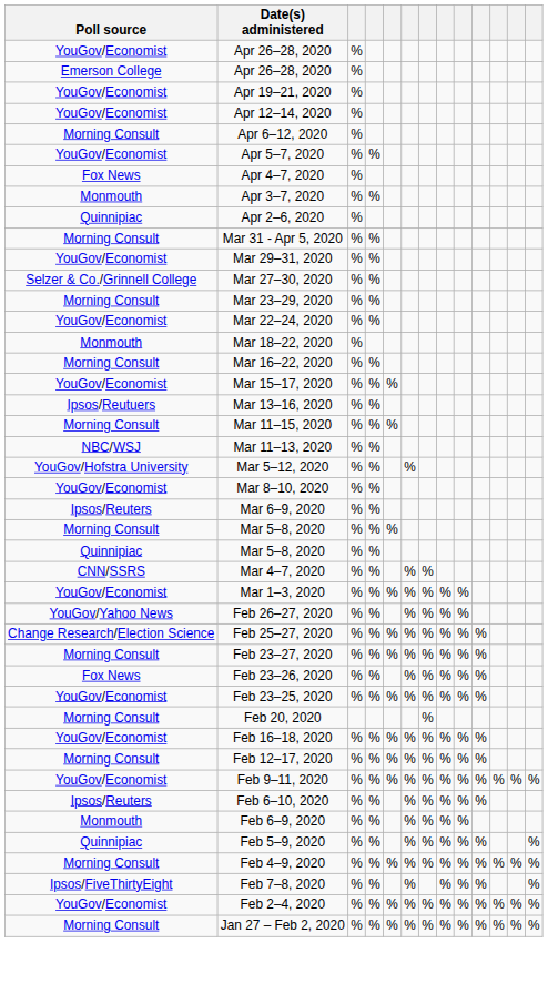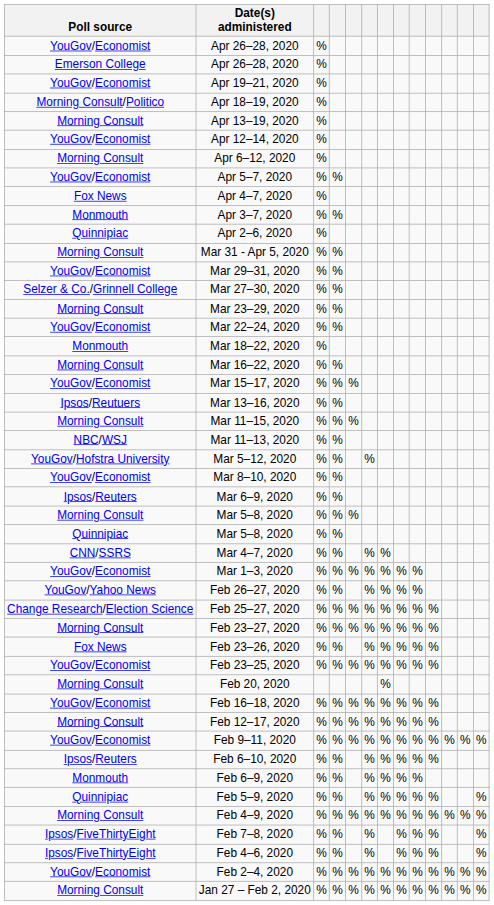 <table class="wikitable sortable" style="text-align:center;">
 <tr valign=bottom>
 <th style="background-position: right 85%;">Poll source</th>
 <th style="background-position: right 85%;">Date(s)<br>administered</th>
 <th></th>
 <th></th>
 <th></th>
 <th></th>
 <th></th>
 <th></th>
 <th></th>
 <th></th>
 <th></th>
 <th></th>
 <th></th>
 </tr>
 <tr>
 <td><a href='#'>YouGov</a>/<a href='#'>Economist</a></td>
 <td>Apr 26–28, 2020</td>
 <td>%</td>
 <td></td>
 <td></td>
 <td></td>
 <td></td>
 <td></td>
 <td></td>
 <td></td>
 <td></td>
 <td></td>
 <td></td>
 </tr>
 <tr>
 <td><a href='#'>Emerson College</a></td>
 <td>Apr 26–28, 2020</td>
 <td>%</td>
 <td></td>
 <td></td>
 <td></td>
 <td></td>
 <td></td>
 <td></td>
 <td></td>
 <td></td>
 <td></td>
 <td></td>
 </tr>
 <tr>
 <td><a href='#'>YouGov</a>/<a href='#'>Economist</a></td>
 <td>Apr 19–21, 2020</td>
+<td>%</td>
+<td></td>
+<td></td>
+<td></td>
+<td></td>
+<td></td>
+<td></td>
+<td></td>
+<td></td>
+<td></td>
+<td></td>
+</tr>
+<tr>
+<td><a href='#'>Morning Consult</a>/<a href='#'>Politico</a></td>
+<td>Apr 18–19, 2020</td>
+<td>%</td>
+<td></td>
+<td></td>
+<td></td>
+<td></td>
+<td></td>
+<td></td>
+<td></td>
+<td></td>
+<td></td>
+<td></td>
+</tr>
+<tr>
+<td><a href='#'>Morning Consult</a></td>
+<td>Apr 13–19, 2020</td>
 <td>%</td>
 <td></td>
 <td></td>
 <td></td>
 <td></td>
 <td></td>
 <td></td>
 <td></td>
 <td></td>
 <td></td>
 <td></td>
 </tr>
 <tr>
 <td><a href='#'>YouGov</a>/<a href='#'>Economist</a></td>
 <td>Apr 12–14, 2020</td>
 <td>%</td>
 <td></td>
 <td></td>
 <td></td>
 <td></td>
 <td></td>
 <td></td>
 <td></td>
 <td></td>
 <td></td>
 <td></td>
 </tr>
 <tr>
 <td><a href='#'>Morning Consult</a></td>
 <td>Apr 6–12, 2020</td>
 <td>%</td>
 <td></td>
 <td></td>
 <td></td>
 <td></td>
 <td></td>
 <td></td>
 <td></td>
 <td></td>
 <td></td>
 <td></td>
 </tr>
 <tr>
 <td><a href='#'>YouGov</a>/<a href='#'>Economist</a></td>
 <td>Apr 5–7, 2020</td>
 <td>%</td>
 <td>%</td>
 <td></td>
 <td></td>
 <td></td>
 <td></td>
 <td></td>
 <td></td>
 <td></td>
 <td></td>
 <td></td>
 </tr>
 <tr>
 <td><a href='#'>Fox News</a></td>
 <td>Apr 4–7, 2020</td>
 <td>%</td>
 <td></td>
 <td></td>
 <td></td>
 <td></td>
 <td></td>
 <td></td>
 <td></td>
 <td></td>
 <td></td>
 <td></td>
 </tr>
 <tr>
 <td><a href='#'>Monmouth</a></td>
 <td>Apr 3–7, 2020</td>
 <td>%</td>
 <td>%</td>
 <td></td>
 <td></td>
 <td></td>
 <td></td>
 <td></td>
 <td></td>
 <td></td>
 <td></td>
 <td></td>
 </tr>
 <tr>
 <td><a href='#'>Quinnipiac</a></td>
 <td>Apr 2–6, 2020</td>
 <td>%</td>
 <td></td>
 <td></td>
 <td></td>
 <td></td>
 <td></td>
 <td></td>
 <td></td>
 <td></td>
 <td></td>
 <td></td>
 </tr>
 <tr>
 <td><a href='#'>Morning Consult</a></td>
 <td>Mar 31 - Apr 5, 2020</td>
 <td>%</td>
 <td>%</td>
 <td></td>
 <td></td>
 <td></td>
 <td></td>
 <td></td>
 <td></td>
 <td></td>
 <td></td>
 <td></td>
 </tr>
 <tr>
 <td><a href='#'>YouGov</a>/<a href='#'>Economist</a></td>
 <td>Mar 29–31, 2020</td>
 <td>%</td>
 <td>%</td>
 <td></td>
 <td></td>
 <td></td>
 <td></td>
 <td></td>
 <td></td>
 <td></td>
 <td></td>
 <td></td>
 </tr>
 <tr>
 <td><a href='#'>Selzer & Co.</a>/<a href='#'>Grinnell College</a></td>
 <td>Mar 27–30, 2020</td>
 <td>%</td>
 <td>%</td>
 <td></td>
 <td></td>
 <td></td>
 <td></td>
 <td></td>
 <td></td>
 <td></td>
 <td></td>
 <td></td>
 </tr>
 <tr>
 <td><a href='#'>Morning Consult</a></td>
 <td>Mar 23–29, 2020</td>
 <td>%</td>
 <td>%</td>
 <td></td>
 <td></td>
 <td></td>
 <td></td>
 <td></td>
 <td></td>
 <td></td>
 <td></td>
 <td></td>
 </tr>
 <tr>
 <td><a href='#'>YouGov</a>/<a href='#'>Economist</a></td>
 <td>Mar 22–24, 2020</td>
 <td>%</td>
 <td>%</td>
 <td></td>
 <td></td>
 <td></td>
 <td></td>
 <td></td>
 <td></td>
 <td></td>
 <td></td>
 <td></td>
 </tr>
 <tr>
 <td><a href='#'>Monmouth</a></td>
 <td>Mar 18–22, 2020</td>
 <td>%</td>
 <td></td>
 <td></td>
 <td></td>
 <td></td>
 <td></td>
 <td></td>
 <td></td>
 <td></td>
 <td></td>
 <td></td>
 </tr>
 <tr>
 <td><a href='#'>Morning Consult</a></td>
 <td>Mar 16–22, 2020</td>
 <td>%</td>
 <td>%</td>
 <td></td>
 <td></td>
 <td></td>
 <td></td>
 <td></td>
 <td></td>
 <td></td>
 <td></td>
 <td></td>
 </tr>
 <tr>
 <td><a href='#'>YouGov</a>/<a href='#'>Economist</a></td>
 <td>Mar 15–17, 2020</td>
 <td>%</td>
 <td>%</td>
 <td>%</td>
 <td></td>
 <td></td>
 <td></td>
 <td></td>
 <td></td>
 <td></td>
 <td></td>
 <td></td>
 </tr>
 <tr>
 <td><a href='#'>Ipsos</a>/<a href='#'>Reutuers</a></td>
 <td>Mar 13–16, 2020</td>
 <td>%</td>
 <td>%</td>
 <td></td>
 <td></td>
 <td></td>
 <td></td>
 <td></td>
 <td></td>
 <td></td>
 <td></td>
 <td></td>
 </tr>
 <tr>
 <td><a href='#'>Morning Consult</a></td>
 <td>Mar 11–15, 2020</td>
 <td>%</td>
 <td>%</td>
 <td>%</td>
 <td></td>
 <td></td>
 <td></td>
 <td></td>
 <td></td>
 <td></td>
 <td></td>
 <td></td>
 </tr>
 <tr>
 <td><a href='#'>NBC</a>/<a href='#'>WSJ</a></td>
 <td>Mar 11–13, 2020</td>
 <td>%</td>
 <td>%</td>
 <td></td>
 <td></td>
 <td></td>
 <td></td>
 <td></td>
 <td></td>
 <td></td>
 <td></td>
 <td></td>
 </tr>
 <tr>
 <td><a href='#'>YouGov</a>/<a href='#'>Hofstra University</a></td>
 <td>Mar 5–12, 2020</td>
 <td>%</td>
 <td>%</td>
 <td></td>
 <td>%</td>
 <td></td>
 <td></td>
 <td></td>
 <td></td>
 <td></td>
 <td></td>
 <td></td>
 </tr>
 <tr>
 <td><a href='#'>YouGov</a>/<a href='#'>Economist</a></td>
 <td>Mar 8–10, 2020</td>
 <td>%</td>
 <td>%</td>
 <td></td>
 <td></td>
 <td></td>
 <td></td>
 <td></td>
 <td></td>
 <td></td>
 <td></td>
 <td></td>
 </tr>
 <tr>
 <td><a href='#'>Ipsos</a>/<a href='#'>Reuters</a></td>
 <td>Mar 6–9, 2020</td>
 <td>%</td>
 <td>%</td>
 <td></td>
 <td></td>
 <td></td>
 <td></td>
 <td></td>
 <td></td>
 <td></td>
 <td></td>
 <td></td>
 </tr>
 <tr>
 <td><a href='#'>Morning Consult</a></td>
 <td>Mar 5–8, 2020</td>
 <td>%</td>
 <td>%</td>
 <td>%</td>
 <td></td>
 <td></td>
 <td></td>
 <td></td>
 <td></td>
 <td></td>
 <td></td>
 <td></td>
 </tr>
 <tr>
 <td><a href='#'>Quinnipiac</a></td>
 <td>Mar 5–8, 2020</td>
 <td>%</td>
 <td>%</td>
 <td></td>
 <td></td>
 <td></td>
 <td></td>
 <td></td>
 <td></td>
 <td></td>
 <td></td>
 <td></td>
 </tr>
 <tr>
 <td><a href='#'>CNN</a>/<a href='#'>SSRS</a></td>
 <td>Mar 4–7, 2020</td>
 <td>%</td>
 <td>%</td>
 <td></td>
 <td>%</td>
 <td>%</td>
 <td></td>
 <td></td>
 <td></td>
 <td></td>
 <td></td>
 <td></td>
 </tr>
 <tr>
 <td><a href='#'>YouGov</a>/<a href='#'>Economist</a></td>
 <td>Mar 1–3, 2020</td>
 <td>%</td>
 <td>%</td>
 <td>%</td>
 <td>%</td>
 <td>%</td>
 <td>%</td>
 <td>%</td>
 <td></td>
 <td></td>
 <td></td>
 <td></td>
 </tr>
 <tr>
 <td><a href='#'>YouGov</a>/<a href='#'>Yahoo News</a></td>
 <td>Feb 26–27, 2020</td>
 <td>%</td>
 <td>%</td>
 <td></td>
 <td>%</td>
 <td>%</td>
 <td>%</td>
 <td>%</td>
 <td></td>
 <td></td>
 <td></td>
 <td></td>
 </tr>
 <tr>
 <td><a href='#'>Change Research</a>/<a href='#'>Election Science</a></td>
 <td>Feb 25–27, 2020</td>
 <td>%</td>
 <td>%</td>
 <td>%</td>
 <td>%</td>
 <td>%</td>
 <td>%</td>
 <td>%</td>
 <td>%</td>
 <td></td>
 <td></td>
 <td></td>
 </tr>
 <tr>
 <td><a href='#'>Morning Consult</a></td>
 <td>Feb 23–27, 2020</td>
 <td>%</td>
 <td>%</td>
 <td>%</td>
 <td>%</td>
 <td>%</td>
 <td>%</td>
 <td>%</td>
 <td>%</td>
 <td></td>
 <td></td>
 <td></td>
 </tr>
 <tr>
 <td><a href='#'>Fox News</a></td>
 <td>Feb 23–26, 2020</td>
 <td>%</td>
 <td>%</td>
 <td></td>
 <td>%</td>
 <td>%</td>
 <td>%</td>
 <td>%</td>
 <td>%</td>
 <td></td>
 <td></td>
 <td></td>
 </tr>
 <tr>
 <td><a href='#'>YouGov</a>/<a href='#'>Economist</a></td>
 <td>Feb 23–25, 2020</td>
 <td>%</td>
 <td>%</td>
 <td>%</td>
 <td>%</td>
 <td>%</td>
 <td>%</td>
 <td>%</td>
 <td>%</td>
 <td></td>
 <td></td>
 <td></td>
 </tr>
 <tr>
 <td><a href='#'>Morning Consult</a></td>
 <td>Feb 20, 2020</td>
 <td></td>
 <td></td>
 <td></td>
 <td></td>
 <td>%</td>
 <td></td>
 <td></td>
 <td></td>
 <td></td>
 <td></td>
 <td></td>
 </tr>
 <tr>
 <td><a href='#'>YouGov</a>/<a href='#'>Economist</a></td>
 <td>Feb 16–18, 2020</td>
 <td>%</td>
 <td>%</td>
 <td>%</td>
 <td>%</td>
 <td>%</td>
 <td>%</td>
 <td>%</td>
 <td>%</td>
 <td></td>
 <td></td>
 <td></td>
 </tr>
 <tr>
 <td><a href='#'>Morning Consult</a></td>
 <td>Feb 12–17, 2020</td>
 <td>%</td>
 <td>%</td>
 <td>%</td>
 <td>%</td>
 <td>%</td>
 <td>%</td>
 <td>%</td>
 <td>%</td>
 <td></td>
 <td></td>
 <td></td>
 </tr>
 <tr>
 <td><a href='#'>YouGov</a>/<a href='#'>Economist</a></td>
 <td>Feb 9–11, 2020</td>
 <td>%</td>
 <td>%</td>
 <td>%</td>
 <td>%</td>
 <td>%</td>
 <td>%</td>
 <td>%</td>
 <td>%</td>
 <td>%</td>
 <td>%</td>
 <td>%</td>
 </tr>
 <tr>
 <td><a href='#'>Ipsos</a>/<a href='#'>Reuters</a></td>
 <td>Feb 6–10, 2020</td>
 <td>%</td>
 <td>%</td>
 <td></td>
 <td>%</td>
 <td>%</td>
 <td>%</td>
 <td>%</td>
 <td>%</td>
 <td></td>
 <td></td>
 <td></td>
 </tr>
 <tr>
 <td><a href='#'>Monmouth</a></td>
 <td>Feb 6–9, 2020</td>
 <td>%</td>
 <td>%</td>
 <td></td>
 <td>%</td>
 <td>%</td>
 <td>%</td>
 <td>%</td>
 <td></td>
 <td></td>
 <td></td>
 <td></td>
 </tr>
 <tr>
 <td><a href='#'>Quinnipiac</a></td>
 <td>Feb 5–9, 2020</td>
 <td>%</td>
 <td>%</td>
 <td></td>
 <td>%</td>
 <td>%</td>
 <td>%</td>
 <td>%</td>
 <td>%</td>
 <td></td>
 <td></td>
 <td>%</td>
 </tr>
 <tr>
 <td><a href='#'>Morning Consult</a></td>
 <td>Feb 4–9, 2020</td>
 <td>%</td>
 <td>%</td>
 <td>%</td>
 <td>%</td>
 <td>%</td>
 <td>%</td>
 <td>%</td>
 <td>%</td>
 <td>%</td>
 <td>%</td>
 <td>%</td>
 </tr>
 <tr>
 <td><a href='#'>Ipsos</a>/<a href='#'>FiveThirtyEight</a></td>
 <td>Feb 7–8, 2020</td>
 <td>%</td>
 <td>%</td>
 <td></td>
 <td>%</td>
 <td></td>
 <td>%</td>
 <td>%</td>
 <td>%</td>
 <td></td>
 <td></td>
 <td>%</td>
 </tr>
 <tr>
+<td><a href='#'>Ipsos</a>/<a href='#'>FiveThirtyEight</a></td>
+<td>Feb 4–6, 2020</td>
+<td>%</td>
+<td>%</td>
+<td></td>
+<td>%</td>
+<td></td>
+<td>%</td>
+<td>%</td>
+<td>%</td>
+<td></td>
+<td></td>
+<td>%</td>
+</tr>
+<tr>
 <td><a href='#'>YouGov</a>/<a href='#'>Economist</a></td>
 <td>Feb 2–4, 2020</td>
 <td>%</td>
 <td>%</td>
 <td>%</td>
 <td>%</td>
 <td>%</td>
 <td>%</td>
 <td>%</td>
 <td>%</td>
 <td>%</td>
 <td>%</td>
 <td>%</td>
 </tr>
 <tr>
 <td><a href='#'>Morning Consult</a></td>
 <td>Jan 27 – Feb 2, 2020</td>
 <td>%</td>
 <td>%</td>
 <td>%</td>
 <td>%</td>
 <td>%</td>
 <td>%</td>
 <td>%</td>
 <td>%</td>
 <td>%</td>
 <td>%</td>
 <td>%</td>
 </tr>
 </table>
